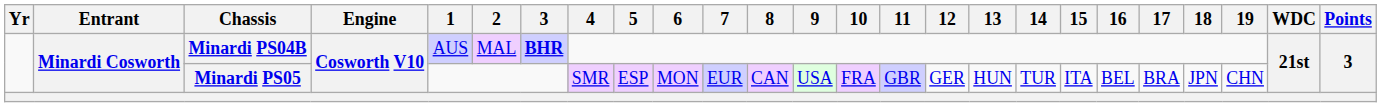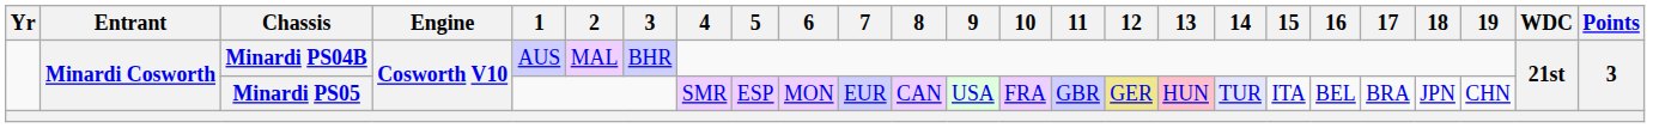 <table class="wikitable" style="text-align:center; font-size:85%">
 <tr>
 <th>Yr</th>
 <th>Entrant</th>
 <th>Chassis</th>
 <th>Engine</th>
 <th>1</th>
 <th>2</th>
 <th>3</th>
 <th>4</th>
 <th>5</th>
 <th>6</th>
 <th>7</th>
 <th>8</th>
 <th>9</th>
 <th>10</th>
 <th>11</th>
 <th>12</th>
 <th>13</th>
 <th>14</th>
 <th>15</th>
 <th>16</th>
 <th>17</th>
 <th>18</th>
 <th>19</th>
 <th>WDC</th>
 <th><a href='#'>Points</a></th>
 </tr>
 <tr>
 <td rowspan=2></td>
 <th rowspan=2 nowrap><a href='#'>Minardi Cosworth</a></th>
 <th nowrap><a href='#'>Minardi</a> <a href='#'>PS04B</a></th>
 <th rowspan=2 nowrap><a href='#'>Cosworth</a> <a href='#'>V10</a></th>
 <td style="background:#CFCFFF;"><a href='#'>AUS</a><br></td>
 <td style="background:#EFCFFF;"><a href='#'>MAL</a><br></td>
-<td style="background:#CFCFFF;"><strong><a href='#'>BHR</a><br></strong></td>
+<td style="background:#CFCFFF;"><a href='#'>BHR</a><br></td>
 <td colspan=16></td>
 <th rowspan=2>21st</th>
 <th rowspan=2>3</th>
 </tr>
 <tr>
 <th nowrap><a href='#'>Minardi</a> <a href='#'>PS05</a></th>
 <td colspan=3></td>
 <td style="background:#EFCFFF;"><a href='#'>SMR</a><br></td>
 <td style="background:#EFCFFF;"><a href='#'>ESP</a><br></td>
 <td style="background:#EFCFFF;"><a href='#'>MON</a><br></td>
 <td style="background:#CFCFFF;"><a href='#'>EUR</a><br></td>
 <td style="background:#EFCFFF;"><a href='#'>CAN</a><br></td>
 <td style="background:#DFFFDF;"><a href='#'>USA</a><br></td>
 <td style="background:#EFCFFF;"><a href='#'>FRA</a><br></td>
 <td style="background:#CFCFFF;"><a href='#'>GBR</a><br></td>
-<td><a href='#'>GER</a></td>
-<td><a href='#'>HUN</a></td>
-<td><a href='#'>TUR</a></td>
+<td style="background: khaki;"><a href='#'>GER</a></td>
+<td style="background: pink;"><a href='#'>HUN</a></td>
+<td style="background: lavender;"><a href='#'>TUR</a></td>
 <td><a href='#'>ITA</a></td>
 <td><a href='#'>BEL</a></td>
 <td><a href='#'>BRA</a></td>
 <td><a href='#'>JPN</a></td>
 <td><a href='#'>CHN</a></td>
 </tr>
 <tr>
 <th colspan="25"></th>
 </tr>
 </table>
